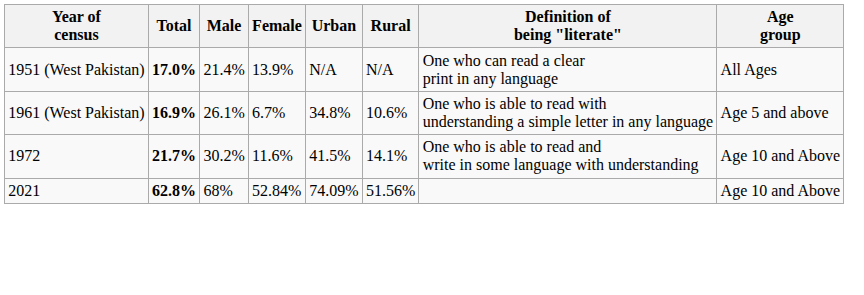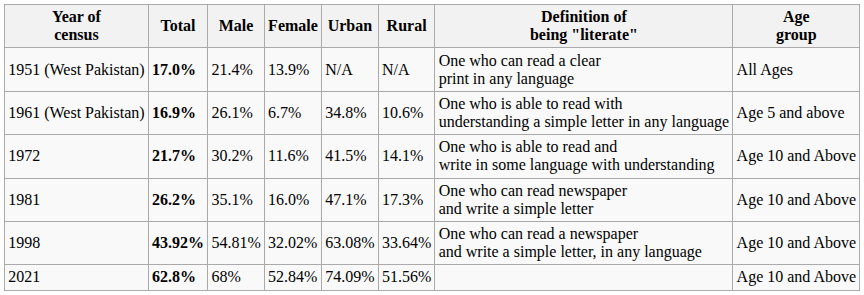 <table class="wikitable">
 <tr>
 <th>Year of<br>census  </th>
 <th>Total</th>
 <th>Male</th>
 <th>Female</th>
 <th>Urban</th>
 <th>Rural</th>
 <th>Definition of<br>being "literate"</th>
 <th>Age<br>group</th>
 </tr>
 <tr>
 <td>1951 (West Pakistan)</td>
 <td><strong>17.0%</strong></td>
 <td>21.4%</td>
 <td>13.9%</td>
 <td>N/A</td>
 <td>N/A</td>
 <td>One who can read a clear<br>print in any language</td>
 <td>All Ages</td>
 </tr>
 <tr>
 <td>1961 (West Pakistan)</td>
 <td><strong>16.9%</strong></td>
 <td>26.1%</td>
 <td>6.7%</td>
 <td>34.8%</td>
 <td>10.6%</td>
 <td>One who is able to read with<br>understanding a simple letter in any language</td>
 <td>Age 5 and above</td>
 </tr>
 <tr>
 <td>1972</td>
 <td><strong>21.7%</strong></td>
 <td>30.2%</td>
 <td>11.6%</td>
 <td>41.5%</td>
 <td>14.1%</td>
 <td>One who is able to read and<br>write in some language with understanding</td>
 <td>Age 10 and Above</td>
 </tr>
 <tr>
+<td>1981</td>
+<td><strong>26.2%</strong></td>
+<td>35.1%</td>
+<td>16.0%</td>
+<td>47.1%</td>
+<td>17.3%</td>
+<td>One who can read newspaper<br>and write a simple letter</td>
+<td>Age 10 and Above</td>
+</tr>
+<tr>
+<td>1998</td>
+<td><strong>43.92%</strong></td>
+<td>54.81%</td>
+<td>32.02%</td>
+<td>63.08%</td>
+<td>33.64%</td>
+<td>One who can read a newspaper<br>and write a simple letter, in any language</td>
+<td>Age 10 and Above</td>
+</tr>
+<tr>
 <td>2021</td>
 <td><strong>62.8%</strong></td>
 <td>68%</td>
 <td>52.84%</td>
 <td>74.09%</td>
 <td>51.56%</td>
 <td></td>
 <td>Age 10 and Above</td>
 </tr>
 </table>
